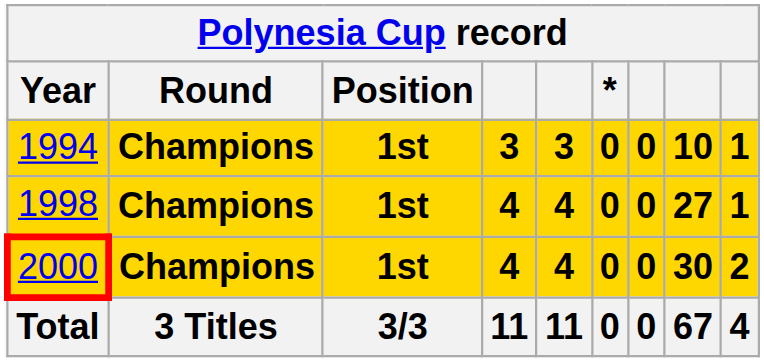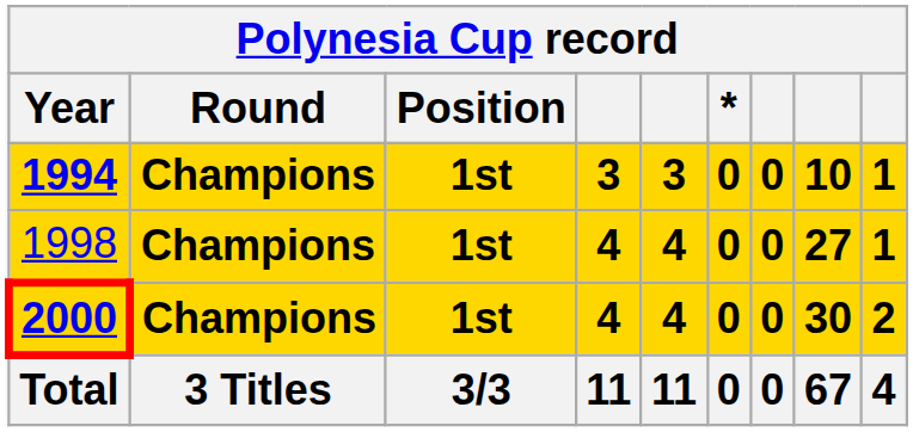 <table class="wikitable" style="text-align: center;">
 <tr>
 <th colspan=10><a href='#'>Polynesia Cup</a> record</th>
 </tr>
 <tr>
 <th>Year</th>
 <th>Round</th>
 <th>Position</th>
 <th></th>
 <th></th>
 <th>*</th>
 <th></th>
 <th></th>
 <th></th>
 </tr>
 <tr bgcolor=gold>
-<td> <a href='#'>1994</a></td>
+<td><strong> <a href='#'>1994</a></strong></td>
 <td><strong>Champions</strong></td>
 <td><strong>1st</strong></td>
 <td><strong>3</strong></td>
 <td><strong>3</strong></td>
 <td><strong>0</strong></td>
 <td><strong>0</strong></td>
 <td><strong>10</strong></td>
 <td><strong>1</strong></td>
 </tr>
 <tr bgcolor=gold>
 <td> <a href='#'>1998</a></td>
 <td><strong>Champions</strong></td>
 <td><strong>1st</strong></td>
 <td><strong>4</strong></td>
 <td><strong>4</strong></td>
 <td><strong>0</strong></td>
 <td><strong>0</strong></td>
 <td><strong>27</strong></td>
 <td><strong>1</strong></td>
 </tr>
 <tr bgcolor=gold>
-<td style="border: 3px solid red"> <a href='#'>2000</a></td>
+<td style="border: 3px solid red"><strong> <a href='#'>2000</a></strong></td>
 <td><strong>Champions</strong></td>
 <td><strong>1st</strong></td>
 <td><strong>4</strong></td>
 <td><strong>4</strong></td>
 <td><strong>0</strong></td>
 <td><strong>0</strong></td>
 <td><strong>30</strong></td>
 <td><strong>2</strong></td>
 </tr>
 <tr>
 <th>Total</th>
 <th>3 Titles</th>
 <th>3/3</th>
 <th>11</th>
 <th>11</th>
 <th>0</th>
 <th>0</th>
 <th>67</th>
 <th>4</th>
 </tr>
 </table>
